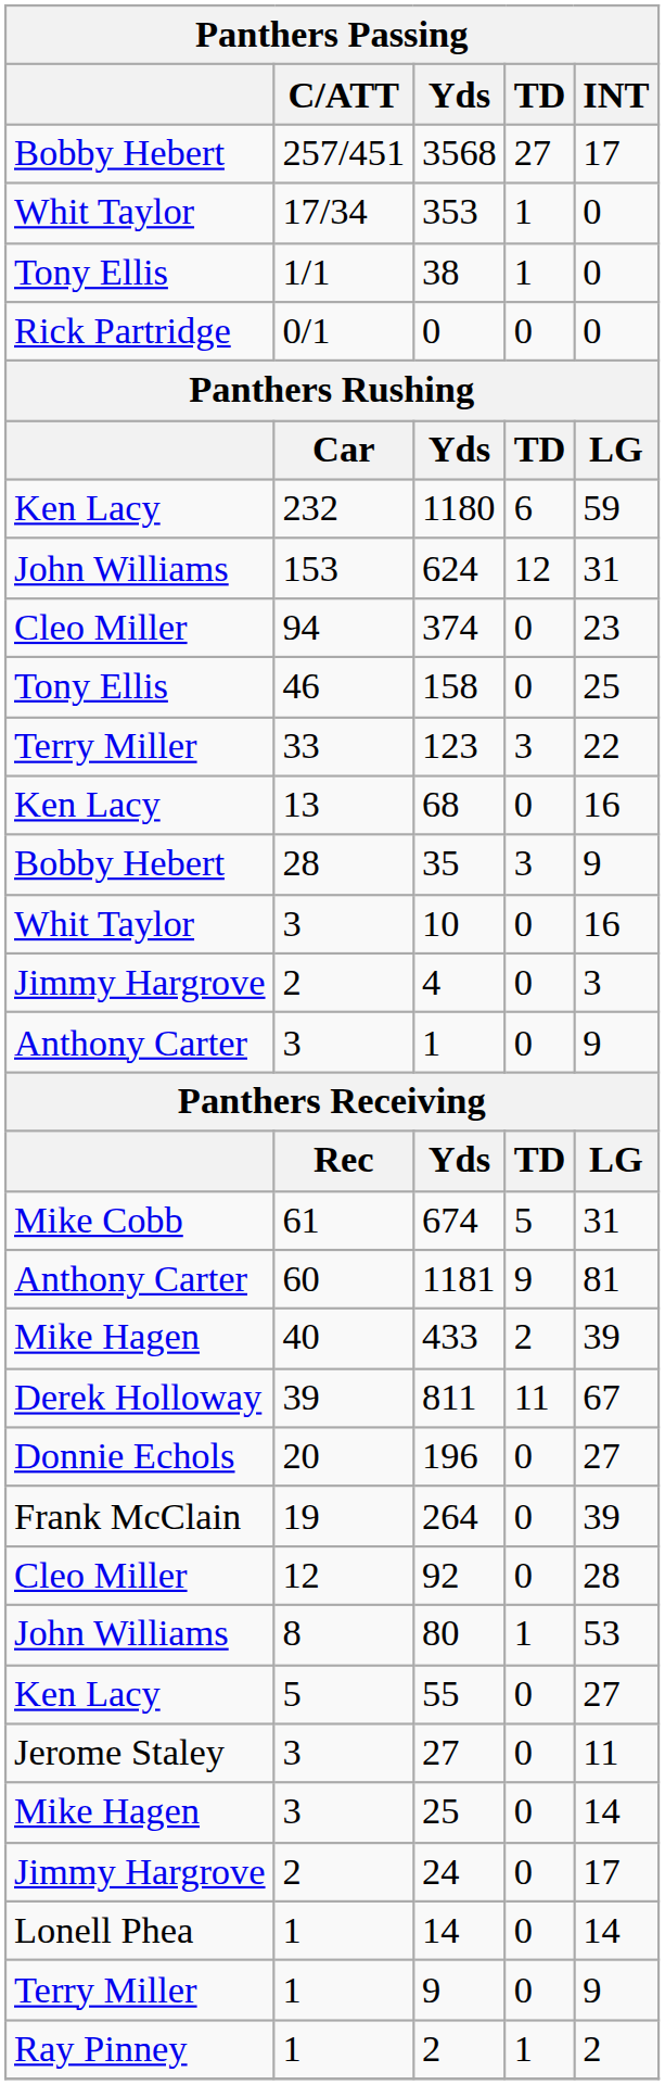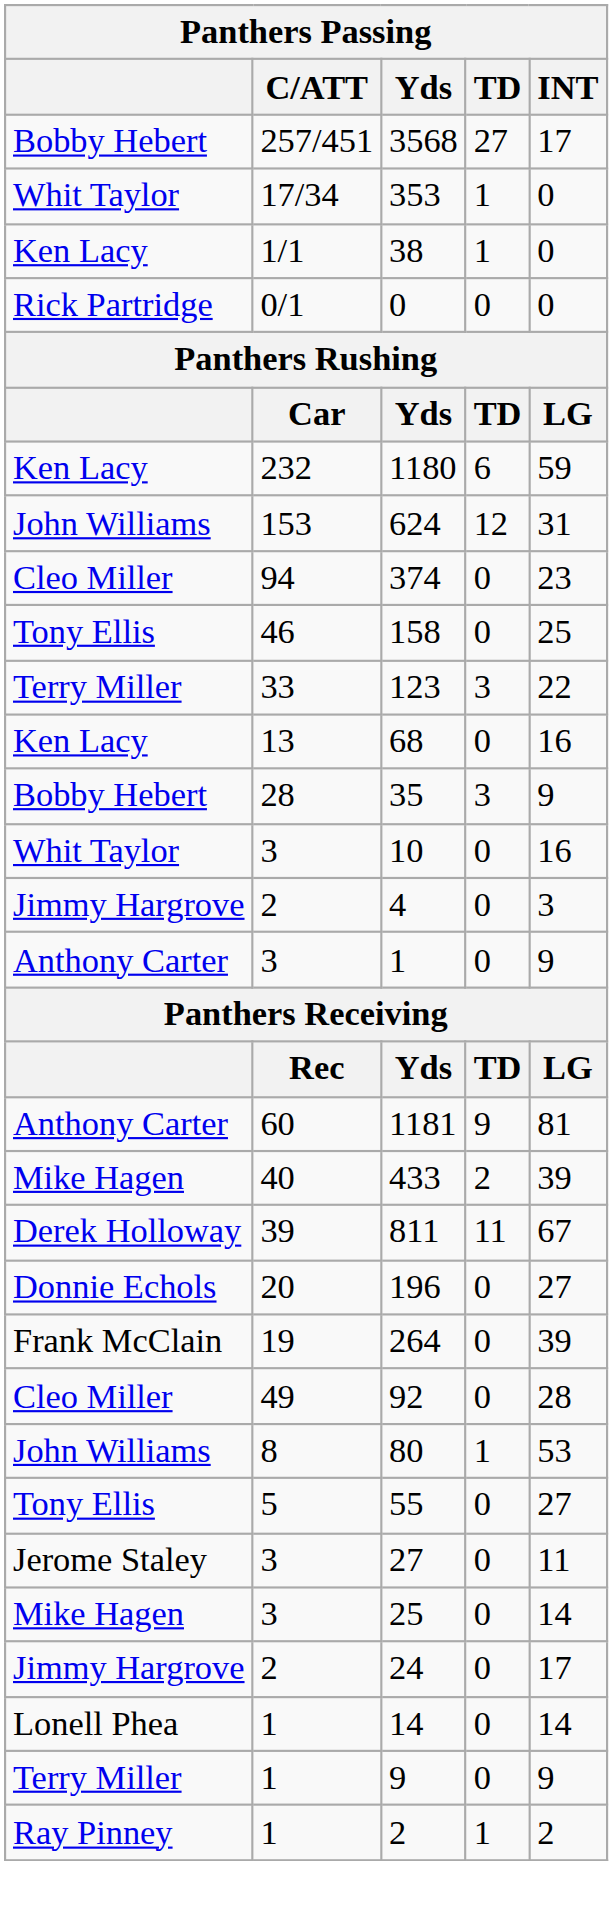 <table class="wikitable">
 <tr>
 <th colspan="5">Panthers Passing</th>
 </tr>
 <tr>
 <th></th>
 <th>C/ATT</th>
 <th>Yds</th>
 <th>TD</th>
 <th>INT</th>
 </tr>
 <tr>
 <td><a href='#'>Bobby Hebert</a></td>
 <td>257/451</td>
 <td>3568</td>
 <td>27</td>
 <td>17</td>
 </tr>
 <tr>
 <td><a href='#'>Whit Taylor</a></td>
 <td>17/34</td>
 <td>353</td>
 <td>1</td>
 <td>0</td>
 </tr>
 <tr>
-<td><a href='#'>Tony Ellis</a></td>
+<td><a href='#'>Ken Lacy</a></td>
 <td>1/1</td>
 <td>38</td>
 <td>1</td>
 <td>0</td>
 </tr>
 <tr>
 <td><a href='#'>Rick Partridge</a></td>
 <td>0/1</td>
 <td>0</td>
 <td>0</td>
 <td>0</td>
 </tr>
 <tr>
 <th colspan="5">Panthers Rushing</th>
 </tr>
 <tr>
 <th></th>
 <th>Car</th>
 <th>Yds</th>
 <th>TD</th>
 <th>LG</th>
 </tr>
 <tr>
 <td><a href='#'>Ken Lacy</a></td>
 <td>232</td>
 <td>1180</td>
 <td>6</td>
 <td>59</td>
 </tr>
 <tr>
 <td><a href='#'>John Williams</a></td>
 <td>153</td>
 <td>624</td>
 <td>12</td>
 <td>31</td>
 </tr>
 <tr>
 <td><a href='#'>Cleo Miller</a></td>
 <td>94</td>
 <td>374</td>
 <td>0</td>
 <td>23</td>
 </tr>
 <tr>
 <td><a href='#'>Tony Ellis</a></td>
 <td>46</td>
 <td>158</td>
 <td>0</td>
 <td>25</td>
 </tr>
 <tr>
 <td><a href='#'>Terry Miller</a></td>
 <td>33</td>
 <td>123</td>
 <td>3</td>
 <td>22</td>
 </tr>
 <tr>
 <td><a href='#'>Ken Lacy</a></td>
 <td>13</td>
 <td>68</td>
 <td>0</td>
 <td>16</td>
 </tr>
 <tr>
 <td><a href='#'>Bobby Hebert</a></td>
 <td>28</td>
 <td>35</td>
 <td>3</td>
 <td>9</td>
 </tr>
 <tr>
 <td><a href='#'>Whit Taylor</a></td>
 <td>3</td>
 <td>10</td>
 <td>0</td>
 <td>16</td>
 </tr>
 <tr>
 <td><a href='#'>Jimmy Hargrove</a></td>
 <td>2</td>
 <td>4</td>
 <td>0</td>
 <td>3</td>
 </tr>
 <tr>
 <td><a href='#'>Anthony Carter</a></td>
 <td>3</td>
 <td>1</td>
 <td>0</td>
 <td>9</td>
 </tr>
 <tr>
 <th colspan="5">Panthers Receiving</th>
 </tr>
 <tr>
 <th></th>
 <th>Rec</th>
 <th>Yds</th>
 <th>TD</th>
 <th>LG</th>
 </tr>
 <tr>
-<td><a href='#'>Mike Cobb</a></td>
-<td>61</td>
-<td>674</td>
-<td>5</td>
-<td>31</td>
-</tr>
-<tr>
 <td><a href='#'>Anthony Carter</a></td>
 <td>60</td>
 <td>1181</td>
 <td>9</td>
 <td>81</td>
 </tr>
 <tr>
 <td><a href='#'>Mike Hagen</a></td>
 <td>40</td>
 <td>433</td>
 <td>2</td>
 <td>39</td>
 </tr>
 <tr>
 <td><a href='#'>Derek Holloway</a></td>
 <td>39</td>
 <td>811</td>
 <td>11</td>
 <td>67</td>
 </tr>
 <tr>
 <td><a href='#'>Donnie Echols</a></td>
 <td>20</td>
 <td>196</td>
 <td>0</td>
 <td>27</td>
 </tr>
 <tr>
 <td>Frank McClain</td>
 <td>19</td>
 <td>264</td>
 <td>0</td>
 <td>39</td>
 </tr>
 <tr>
 <td><a href='#'>Cleo Miller</a></td>
-<td>12</td>
+<td>49</td>
 <td>92</td>
 <td>0</td>
 <td>28</td>
 </tr>
 <tr>
 <td><a href='#'>John Williams</a></td>
 <td>8</td>
 <td>80</td>
 <td>1</td>
 <td>53</td>
 </tr>
 <tr>
-<td><a href='#'>Ken Lacy</a></td>
+<td><a href='#'>Tony Ellis</a></td>
 <td>5</td>
 <td>55</td>
 <td>0</td>
 <td>27</td>
 </tr>
 <tr>
 <td>Jerome Staley</td>
 <td>3</td>
 <td>27</td>
 <td>0</td>
 <td>11</td>
 </tr>
 <tr>
 <td><a href='#'>Mike Hagen</a></td>
 <td>3</td>
 <td>25</td>
 <td>0</td>
 <td>14</td>
 </tr>
 <tr>
 <td><a href='#'>Jimmy Hargrove</a></td>
 <td>2</td>
 <td>24</td>
 <td>0</td>
 <td>17</td>
 </tr>
 <tr>
 <td>Lonell Phea</td>
 <td>1</td>
 <td>14</td>
 <td>0</td>
 <td>14</td>
 </tr>
 <tr>
 <td><a href='#'>Terry Miller</a></td>
 <td>1</td>
 <td>9</td>
 <td>0</td>
 <td>9</td>
 </tr>
 <tr>
 <td><a href='#'>Ray Pinney</a></td>
 <td>1</td>
 <td>2</td>
 <td>1</td>
 <td>2</td>
 </tr>
 <tr>
 </tr>
 </table>
